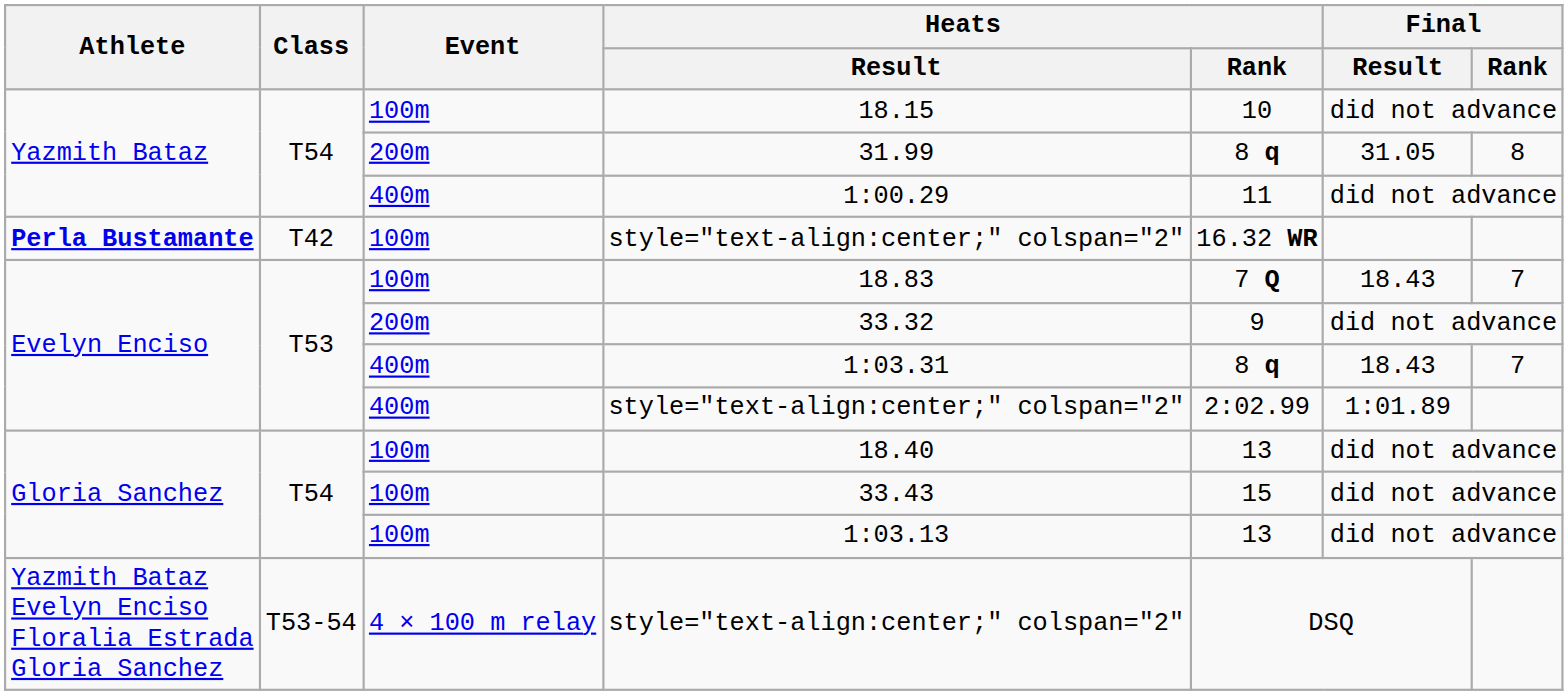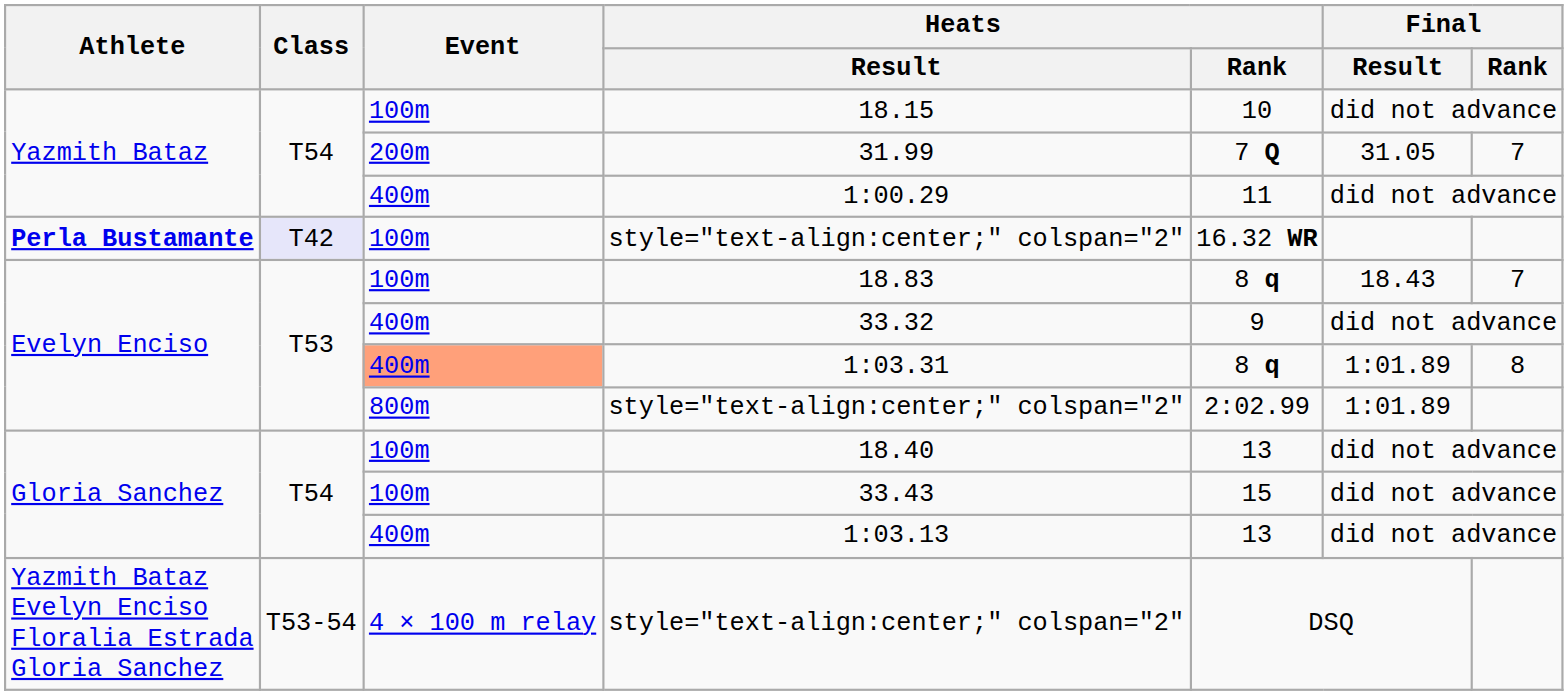 <table class=wikitable style="font-size:90%">
 <tr>
 <th rowspan="2">Athlete</th>
 <th rowspan="2">Class</th>
 <th rowspan="2">Event</th>
 <th colspan="2">Heats</th>
 <th colspan="2">Final</th>
 </tr>
 <tr>
 <th>Result</th>
 <th>Rank</th>
 <th>Result</th>
 <th>Rank</th>
 </tr>
 <tr>
 <td rowspan="3"><a href='#'>Yazmith Bataz</a></td>
 <td rowspan="3" style="text-align:center;">T54</td>
 <td><a href='#'>100m</a></td>
 <td style="text-align:center;">18.15</td>
 <td style="text-align:center;">10</td>
 <td style="text-align:center;" colspan="2">did not advance</td>
 </tr>
 <tr>
 <td><a href='#'>200m</a></td>
 <td style="text-align:center;">31.99</td>
-<td style="text-align:center;">8 <strong>q</strong></td>
+<td style="text-align:center;">7 <strong>Q</strong></td>
 <td style="text-align:center;">31.05</td>
-<td style="text-align:center;">8</td>
+<td style="text-align:center;">7</td>
 </tr>
 <tr>
 <td><a href='#'>400m</a></td>
 <td style="text-align:center;">1:00.29</td>
 <td style="text-align:center;">11</td>
 <td style="text-align:center;" colspan="2">did not advance</td>
 </tr>
 <tr>
 <td><strong><a href='#'>Perla Bustamante</a></strong></td>
-<td style="text-align:center;">T42</td>
+<td style="background: lavender; text-align:center;">T42</td>
 <td><a href='#'>100m</a></td>
 <td>style="text-align:center;" colspan="2" </td>
 <td style="text-align:center;">16.32 <strong>WR</strong></td>
 <td style="text-align:center;"></td>
 </tr>
 <tr>
 <td rowspan="4"><a href='#'>Evelyn Enciso</a></td>
 <td rowspan="4" style="text-align:center;">T53</td>
 <td><a href='#'>100m</a></td>
 <td style="text-align:center;">18.83</td>
-<td style="text-align:center;">7 <strong>Q</strong></td>
-<td style="text-align:center;">18.43</td>
-<td style="text-align:center;">7</td>
-</tr>
-<tr>
-<td><a href='#'>200m</a></td>
-<td style="text-align:center;">33.32</td>
-<td style="text-align:center;">9</td>
-<td style="text-align:center;" colspan="2">did not advance</td>
-</tr>
-<tr>
-<td><a href='#'>400m</a></td>
-<td style="text-align:center;">1:03.31</td>
 <td style="text-align:center;">8 <strong>q</strong></td>
 <td style="text-align:center;">18.43</td>
 <td style="text-align:center;">7</td>
 </tr>
 <tr>
 <td><a href='#'>400m</a></td>
+<td style="text-align:center;">33.32</td>
+<td style="text-align:center;">9</td>
+<td style="text-align:center;" colspan="2">did not advance</td>
+</tr>
+<tr>
+<td style="background: lightsalmon;"><a href='#'>400m</a></td>
+<td style="text-align:center;">1:03.31</td>
+<td style="text-align:center;">8 <strong>q</strong></td>
+<td style="text-align:center;">1:01.89</td>
+<td style="text-align:center;">8</td>
+</tr>
+<tr>
+<td><a href='#'>800m</a></td>
 <td>style="text-align:center;" colspan="2" </td>
 <td style="text-align:center;">2:02.99</td>
 <td style="text-align:center;">1:01.89</td>
 </tr>
 <tr>
 <td rowspan="3"><a href='#'>Gloria Sanchez</a></td>
 <td rowspan="3" style="text-align:center;">T54</td>
 <td><a href='#'>100m</a></td>
 <td style="text-align:center;">18.40</td>
 <td style="text-align:center;">13</td>
 <td style="text-align:center;" colspan="2">did not advance</td>
 </tr>
 <tr>
 <td><a href='#'>100m</a></td>
 <td style="text-align:center;">33.43</td>
 <td style="text-align:center;">15</td>
 <td style="text-align:center;" colspan="2">did not advance</td>
 </tr>
 <tr>
-<td><a href='#'>100m</a></td>
+<td><a href='#'>400m</a></td>
 <td style="text-align:center;">1:03.13</td>
 <td style="text-align:center;">13</td>
 <td style="text-align:center;" colspan="2">did not advance</td>
 </tr>
 <tr>
 <td><a href='#'>Yazmith Bataz</a><br> <a href='#'>Evelyn Enciso</a><br> <a href='#'>Floralia Estrada</a><br> <a href='#'>Gloria Sanchez</a></td>
 <td style="text-align:center;">T53-54</td>
 <td><a href='#'>4 × 100 m relay</a></td>
 <td>style="text-align:center;" colspan="2" </td>
 <td style="text-align:center;" colspan="2">DSQ</td>
 </tr>
 </table>
